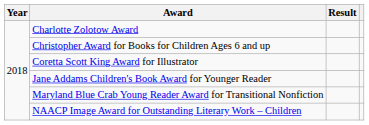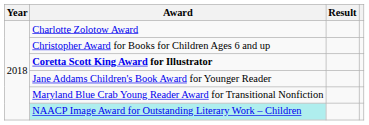 <table class="wikitable">
 <tr>
 <th>Year</th>
 <th>Award</th>
 <th>Result</th>
 <th></th>
 </tr>
 <tr>
 <td rowspan="6">2018</td>
 <td><a href='#'>Charlotte Zolotow Award</a></td>
 <td></td>
 <td></td>
 </tr>
 <tr>
 <td><a href='#'>Christopher Award</a> for Books for Children Ages 6 and up</td>
 <td></td>
 <td></td>
 </tr>
 <tr>
-<td><a href='#'>Coretta Scott King Award</a> for Illustrator</td>
+<td><strong><a href='#'>Coretta Scott King Award</a> for Illustrator</strong></td>
 <td></td>
 <td></td>
 </tr>
 <tr>
 <td><a href='#'>Jane Addams Children's Book Award</a> for Younger Reader</td>
 <td></td>
 <td><strong></strong></td>
 </tr>
 <tr>
 <td><a href='#'>Maryland Blue Crab Young Reader Award</a> for Transitional Nonfiction</td>
 <td></td>
 <td></td>
 </tr>
 <tr>
-<td><a href='#'>NAACP Image Award for Outstanding Literary Work – Children</a></td>
+<td style="background: paleturquoise;"><a href='#'>NAACP Image Award for Outstanding Literary Work – Children</a></td>
 <td></td>
 <td></td>
 </tr>
 </table>
